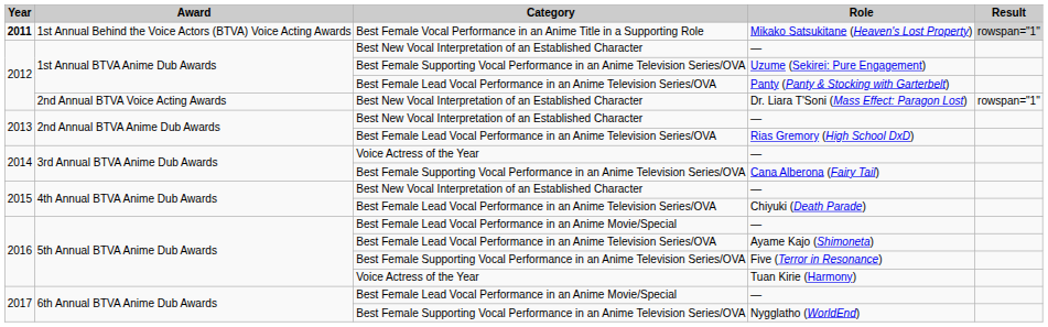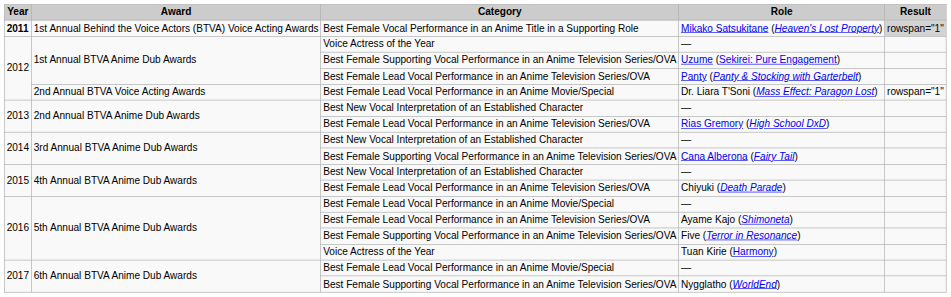 <table class="wikitable" ;>
 <tr style="text-align:center;">
 <th style="background:#ccc;">Year</th>
 <th style="background:#ccc;">Award</th>
 <th style="background:#ccc;">Category</th>
 <th style="background:#ccc;">Role</th>
 <th style="background:#ccc;">Result</th>
 </tr>
 <tr>
 <td><strong>2011</strong></td>
 <td>1st Annual Behind the Voice Actors (BTVA) Voice Acting Awards</td>
 <td>Best Female Vocal Performance in an Anime Title in a Supporting Role</td>
 <td><a href='#'>Mikako Satsukitane</a> (<em><a href='#'>Heaven's Lost Property</a></em>)</td>
 <td style="background: lightgrey;">rowspan="1" </td>
 </tr>
 <tr>
 <td rowspan="4">2012</td>
 <td rowspan="3">1st Annual BTVA Anime Dub Awards</td>
-<td>Best New Vocal Interpretation of an Established Character</td>
+<td>Voice Actress of the Year</td>
 <td>—</td>
 <td></td>
 </tr>
 <tr>
 <td>Best Female Supporting Vocal Performance in an Anime Television Series/OVA</td>
 <td><a href='#'>Uzume</a> (<a href='#'>Sekirei: Pure Engagement</a>)</td>
 <td></td>
 </tr>
 <tr>
 <td>Best Female Lead Vocal Performance in an Anime Television Series/OVA</td>
 <td><a href='#'>Panty</a> (<em><a href='#'>Panty & Stocking with Garterbelt</a></em>)</td>
 <td></td>
 </tr>
 <tr>
 <td>2nd Annual BTVA Voice Acting Awards</td>
-<td>Best New Vocal Interpretation of an Established Character</td>
+<td>Best Female Lead Vocal Performance in an Anime Movie/Special</td>
 <td>Dr. Liara T'Soni (<em><a href='#'>Mass Effect: Paragon Lost</a></em>)</td>
 <td>rowspan="1" </td>
 </tr>
 <tr>
 <td rowspan="2">2013</td>
 <td rowspan="2">2nd Annual BTVA Anime Dub Awards</td>
 <td>Best New Vocal Interpretation of an Established Character</td>
 <td>—</td>
 <td></td>
 </tr>
 <tr>
 <td>Best Female Lead Vocal Performance in an Anime Television Series/OVA</td>
 <td><a href='#'>Rias Gremory</a> (<em><a href='#'>High School DxD</a></em>)</td>
 <td></td>
 </tr>
 <tr>
 <td rowspan="2">2014</td>
 <td rowspan="2">3rd Annual BTVA Anime Dub Awards</td>
-<td>Voice Actress of the Year</td>
+<td>Best New Vocal Interpretation of an Established Character</td>
 <td>—</td>
 <td></td>
 </tr>
 <tr>
 <td>Best Female Supporting Vocal Performance in an Anime Television Series/OVA</td>
 <td><a href='#'>Cana Alberona</a> (<em><a href='#'>Fairy Tail</a></em>)</td>
 <td></td>
 </tr>
 <tr>
 <td rowspan="2">2015</td>
 <td rowspan="2">4th Annual BTVA Anime Dub Awards</td>
 <td>Best New Vocal Interpretation of an Established Character</td>
 <td>—</td>
 <td></td>
 </tr>
 <tr>
 <td>Best Female Lead Vocal Performance in an Anime Television Series/OVA</td>
 <td>Chiyuki (<em><a href='#'>Death Parade</a></em>)</td>
 <td></td>
 </tr>
 <tr>
 <td rowspan="4">2016</td>
 <td rowspan="4">5th Annual BTVA Anime Dub Awards</td>
 <td>Best Female Lead Vocal Performance in an Anime Movie/Special</td>
 <td>—</td>
 <td></td>
 </tr>
 <tr>
 <td>Best Female Lead Vocal Performance in an Anime Television Series/OVA</td>
 <td>Ayame Kajo (<em><a href='#'>Shimoneta</a></em>)</td>
 <td></td>
 </tr>
 <tr>
 <td>Best Female Supporting Vocal Performance in an Anime Television Series/OVA</td>
 <td>Five (<em><a href='#'>Terror in Resonance</a></em>)</td>
 <td></td>
 </tr>
 <tr>
 <td>Voice Actress of the Year</td>
 <td>Tuan Kirie (<em><a href='#'></em>Harmony<em></a></em>)</td>
 <td></td>
 </tr>
 <tr>
 <td rowspan="2">2017</td>
 <td rowspan="2">6th Annual BTVA Anime Dub Awards</td>
 <td>Best Female Lead Vocal Performance in an Anime Movie/Special</td>
 <td>—</td>
 <td></td>
 </tr>
 <tr>
 <td>Best Female Supporting Vocal Performance in an Anime Television Series/OVA</td>
 <td>Nygglatho (<em><a href='#'>WorldEnd</a></em>)</td>
 <td></td>
 </tr>
 </table>
